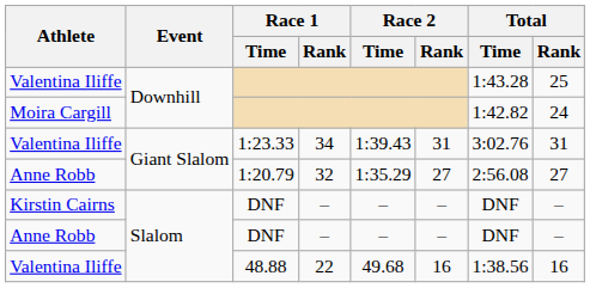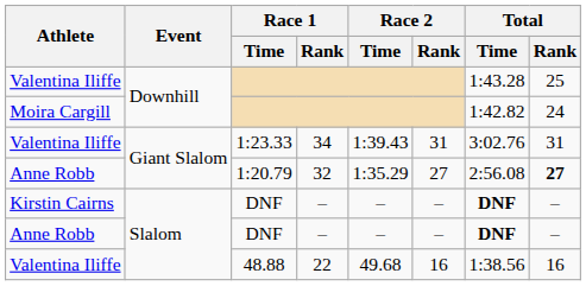 <table class="wikitable" style="font-size:90%">
 <tr>
 <th rowspan="2">Athlete</th>
 <th rowspan="2">Event</th>
 <th colspan="2">Race 1</th>
 <th colspan="2">Race 2</th>
 <th colspan="2">Total</th>
 </tr>
 <tr>
 <th>Time</th>
 <th>Rank</th>
 <th>Time</th>
 <th>Rank</th>
 <th>Time</th>
 <th>Rank</th>
 </tr>
 <tr>
 <td><a href='#'>Valentina Iliffe</a></td>
 <td rowspan="2">Downhill</td>
 <td colspan="4" bgcolor="wheat"></td>
 <td align="center">1:43.28</td>
 <td align="center">25</td>
 </tr>
 <tr>
 <td><a href='#'>Moira Cargill</a></td>
 <td colspan="4" bgcolor="wheat"></td>
 <td align="center">1:42.82</td>
 <td align="center">24</td>
 </tr>
 <tr>
 <td><a href='#'>Valentina Iliffe</a></td>
 <td rowspan="2">Giant Slalom</td>
 <td align="center">1:23.33</td>
 <td align="center">34</td>
 <td align="center">1:39.43</td>
 <td align="center">31</td>
 <td align="center">3:02.76</td>
 <td align="center">31</td>
 </tr>
 <tr>
 <td><a href='#'>Anne Robb</a></td>
 <td align="center">1:20.79</td>
 <td align="center">32</td>
 <td align="center">1:35.29</td>
 <td align="center">27</td>
 <td align="center">2:56.08</td>
-<td align="center">27</td>
+<td align="center"><strong>27</strong></td>
 </tr>
 <tr>
 <td><a href='#'>Kirstin Cairns</a></td>
 <td rowspan="3">Slalom</td>
 <td align="center">DNF</td>
 <td align="center">–</td>
 <td align="center">–</td>
 <td align="center">–</td>
-<td align="center">DNF</td>
+<td align="center"><strong>DNF</strong></td>
 <td align="center">–</td>
 </tr>
 <tr>
 <td><a href='#'>Anne Robb</a></td>
 <td align="center">DNF</td>
 <td align="center">–</td>
 <td align="center">–</td>
 <td align="center">–</td>
-<td align="center">DNF</td>
+<td align="center"><strong>DNF</strong></td>
 <td align="center">–</td>
 </tr>
 <tr>
 <td><a href='#'>Valentina Iliffe</a></td>
 <td align="center">48.88</td>
 <td align="center">22</td>
 <td align="center">49.68</td>
 <td align="center">16</td>
 <td align="center">1:38.56</td>
 <td align="center">16</td>
 </tr>
 </table>
